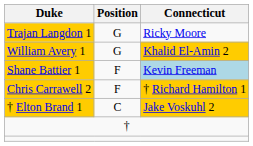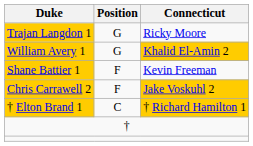 <table class="wikitable">
 <tr>
 <th>Duke</th>
 <th colspan="2">Position</th>
 <th>Connecticut</th>
 </tr>
 <tr>
 <td style="background:#ffcc00"><a href='#'>Trajan Langdon</a> 1</td>
 <td colspan=2 style="text-align:center">G</td>
 <td><a href='#'>Ricky Moore</a></td>
 </tr>
 <tr>
 <td style="background:#ffcc00"><a href='#'>William Avery</a> 1</td>
 <td colspan=2 style="text-align:center">G</td>
 <td style="background:#ffcc00"><a href='#'>Khalid El-Amin</a> 2</td>
 </tr>
 <tr>
 <td style="background:#ffcc00"><a href='#'>Shane Battier</a> 1</td>
 <td colspan=2 style="text-align:center">F</td>
-<td style="background: lightblue;"><a href='#'>Kevin Freeman</a></td>
+<td><a href='#'>Kevin Freeman</a></td>
 </tr>
 <tr>
 <td style="background:#ffcc00"><a href='#'>Chris Carrawell</a> 2</td>
 <td colspan=2 style="text-align:center">F</td>
-<td style="background:#ffcc00">† <a href='#'>Richard Hamilton</a> 1</td>
+<td style="background:#ffcc00"><a href='#'>Jake Voskuhl</a> 2</td>
 </tr>
 <tr>
 <td style="background:#ffcc00">† <a href='#'>Elton Brand</a> 1</td>
 <td colspan=2 style="text-align:center">C</td>
-<td style="background:#ffcc00"><a href='#'>Jake Voskuhl</a> 2</td>
+<td style="background:#ffcc00">† <a href='#'>Richard Hamilton</a> 1</td>
 </tr>
 <tr>
 <td colspan="5" align=center>† </td>
 </tr>
 <tr>
 <td colspan="5" align=center></td>
 </tr>
 </table>
